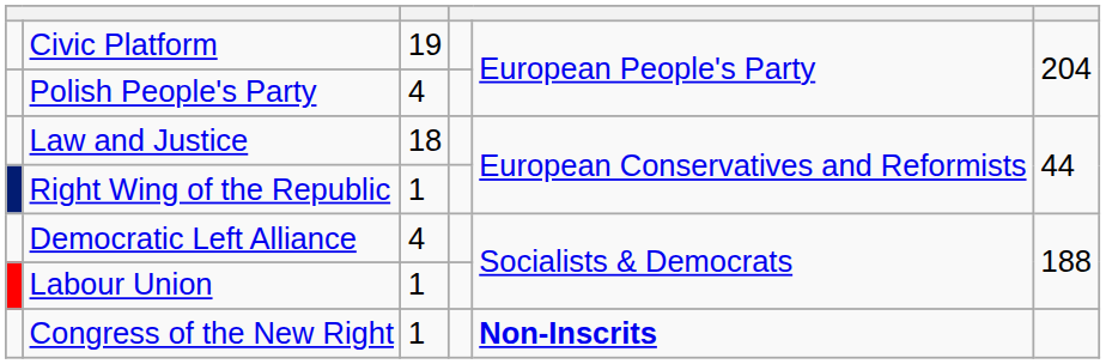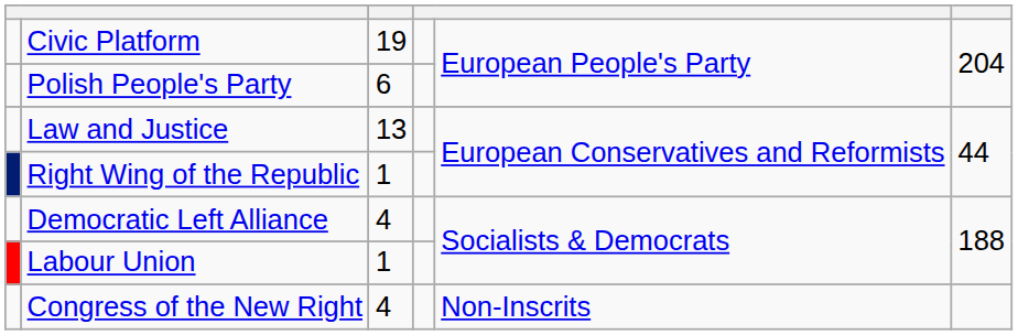 <table class="wikitable" style="font-size:90%;">
 <tr>
 <th colspan=2></th>
 <th></th>
 <th colspan=2></th>
 <th></th>
 </tr>
 <tr>
 <td width="1" style="background-color: "></td>
 <td><a href='#'>Civic Platform</a></td>
 <td>19</td>
 <td width="1"> </td>
 <td rowspan=2><a href='#'>European People's Party</a></td>
 <td rowspan=2>204</td>
 </tr>
 <tr>
 <td width="1" style="background-color: "></td>
 <td><a href='#'>Polish People's Party</a></td>
-<td>4</td>
+<td>6</td>
 </tr>
 <tr>
 <td width="1" style="background-color: "></td>
 <td><a href='#'>Law and Justice</a></td>
-<td>18</td>
+<td>13</td>
 <td width="1"> </td>
 <td rowspan=2><a href='#'>European Conservatives and Reformists</a></td>
 <td rowspan=2>44</td>
 </tr>
 <tr>
 <td style="width:1px; background:#021c72;"></td>
 <td><a href='#'>Right Wing of the Republic</a></td>
 <td>1</td>
 </tr>
 <tr>
 <td width="1" style="background-color: "></td>
 <td><a href='#'>Democratic Left Alliance</a></td>
 <td>4</td>
 <td width="1"> </td>
 <td rowspan=2><a href='#'>Socialists & Democrats</a></td>
 <td rowspan=2>188</td>
 </tr>
 <tr>
 <td style="width:1px; background:#f00;"></td>
 <td><a href='#'>Labour Union</a></td>
 <td>1</td>
 </tr>
 <tr>
 <td width="1" style="background-color: "></td>
 <td><a href='#'>Congress of the New Right</a></td>
-<td>1</td>
+<td>4</td>
 <td style="background-color: "></td>
-<td><strong><a href='#'>Non-Inscrits</a></strong></td>
+<td><a href='#'>Non-Inscrits</a></td>
 </tr>
 </table>
